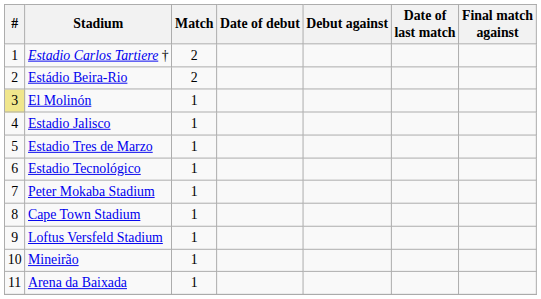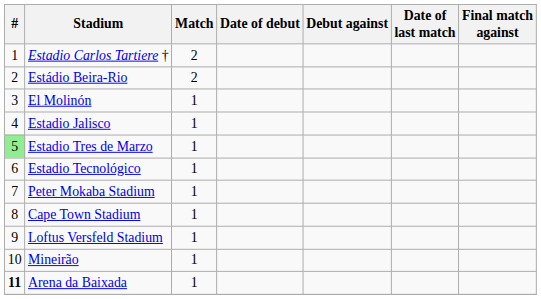 <table class="wikitable sortable" style="font-size: 90%; text-align: center;">
 <tr>
 <th>#</th>
 <th>Stadium</th>
 <th>Match</th>
 <th>Date of debut</th>
 <th>Debut against</th>
 <th>Date of<br>last match</th>
 <th>Final match<br>against</th>
 </tr>
 <tr>
 <td>1</td>
 <td align=left> <em><a href='#'>Estadio Carlos Tartiere</a></em> †</td>
 <td>2</td>
 <td></td>
 <td align=left></td>
 <td></td>
 <td align=left></td>
 </tr>
 <tr>
 <td>2</td>
 <td align=left> <a href='#'>Estádio Beira-Rio</a></td>
 <td>2</td>
 <td></td>
 <td align=left></td>
 <td></td>
 <td align=left></td>
 </tr>
 <tr>
-<td style="background: khaki;">3</td>
+<td>3</td>
 <td align=left> <a href='#'>El Molinón</a></td>
 <td>1</td>
 <td></td>
 <td align=left></td>
 <td></td>
 <td align=left></td>
 </tr>
 <tr>
 <td>4</td>
 <td align=left> <a href='#'>Estadio Jalisco</a></td>
 <td>1</td>
 <td></td>
 <td align=left></td>
 <td></td>
 <td align=left></td>
 </tr>
 <tr>
-<td>5</td>
+<td style="background: lightgreen;">5</td>
 <td align=left> <a href='#'>Estadio Tres de Marzo</a></td>
 <td>1</td>
 <td></td>
 <td align=left></td>
 <td></td>
 <td align=left></td>
 </tr>
 <tr>
 <td>6</td>
 <td align=left> <a href='#'>Estadio Tecnológico</a></td>
 <td>1</td>
 <td></td>
 <td align=left></td>
 <td></td>
 <td align=left></td>
 </tr>
 <tr>
 <td>7</td>
 <td align=left> <a href='#'>Peter Mokaba Stadium</a></td>
 <td>1</td>
 <td></td>
 <td align=left></td>
 <td></td>
 <td align=left></td>
 </tr>
 <tr>
 <td>8</td>
 <td align=left> <a href='#'>Cape Town Stadium</a></td>
 <td>1</td>
 <td></td>
 <td align=left></td>
 <td></td>
 <td align=left></td>
 </tr>
 <tr>
 <td>9</td>
 <td align=left> <a href='#'>Loftus Versfeld Stadium</a></td>
 <td>1</td>
 <td></td>
 <td align=left></td>
 <td></td>
 <td align=left></td>
 </tr>
 <tr>
 <td>10</td>
 <td align=left> <a href='#'>Mineirão</a></td>
 <td>1</td>
 <td></td>
 <td align=left></td>
 <td></td>
 <td align=left></td>
 </tr>
 <tr>
-<td>11</td>
+<td><strong>11</strong></td>
 <td align=left> <a href='#'>Arena da Baixada</a></td>
 <td>1</td>
 <td></td>
 <td align=left></td>
 <td></td>
 <td align=left></td>
 </tr>
 <tr>
 </tr>
 </table>
